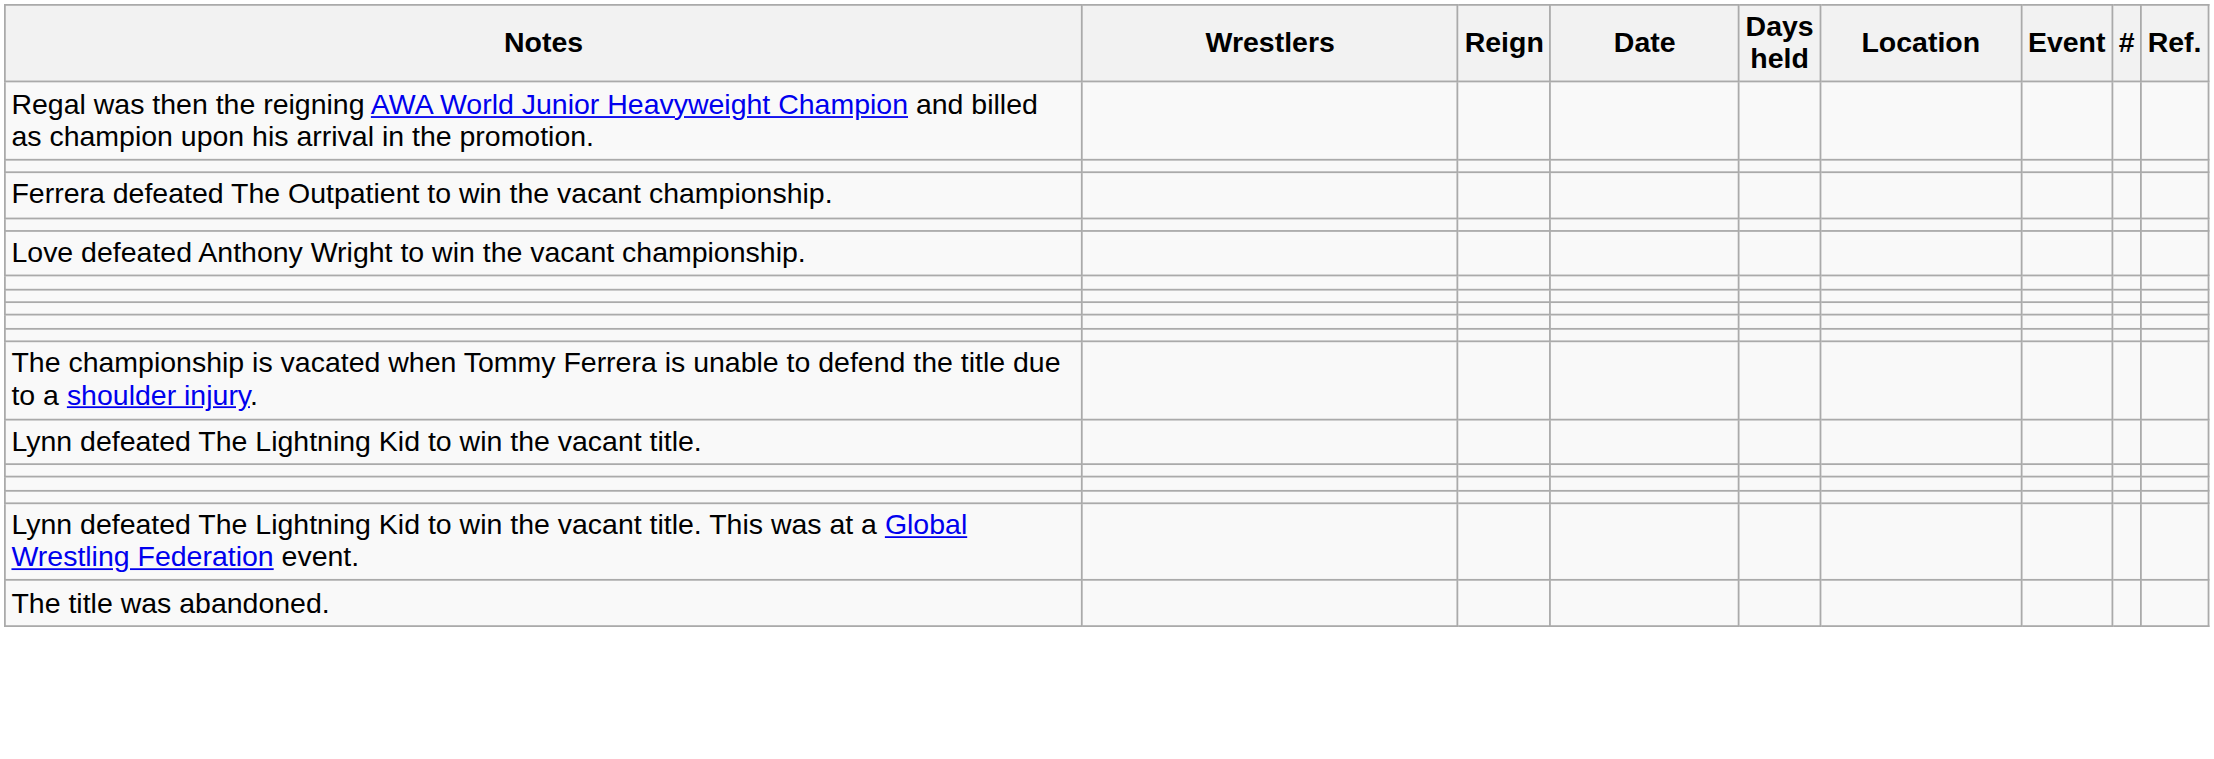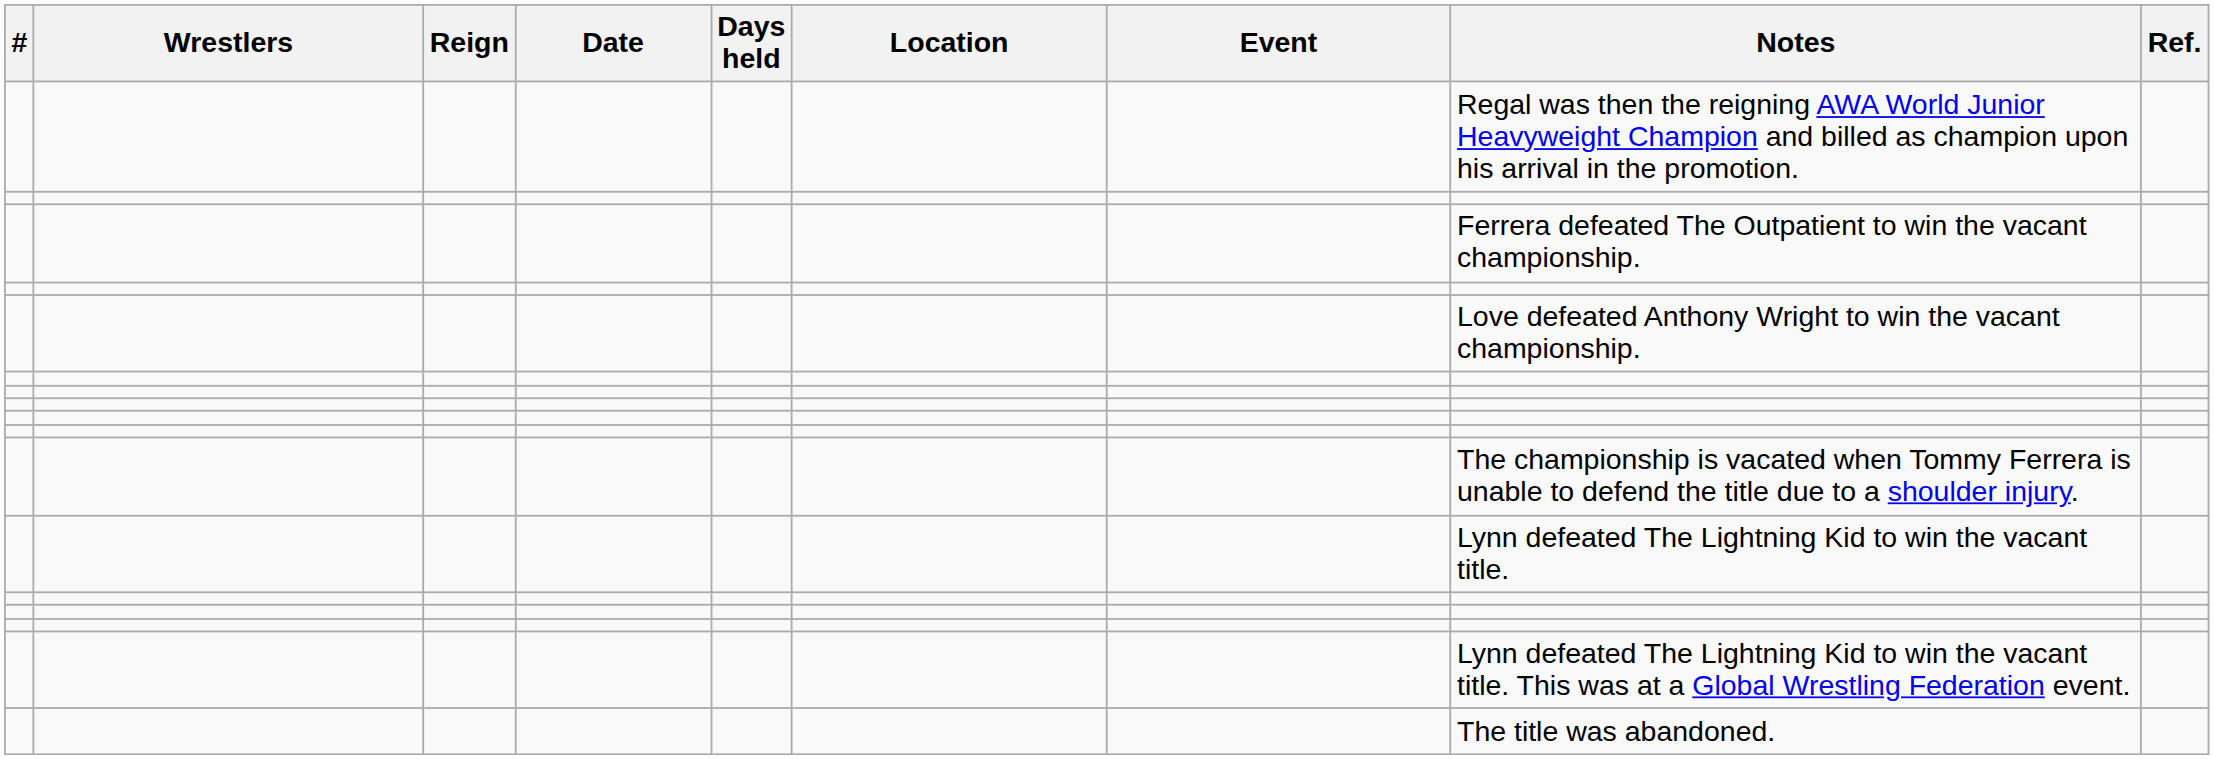 <table class="wikitable sortable" width=98% style="text-align:center;">
 <tr>
-<th width=60% class="unsortable">Notes</th>
+<th width=0%>#</th>
 <th width=20%>Wrestlers</th>
 <th width=0%>Reign</th>
 <th width=10%>Date</th>
 <th width=0%>Days<br>held</th>
 <th width=16%>Location</th>
 <th width=18%>Event</th>
-<th width=0%>#</th>
+<th width=60% class="unsortable">Notes</th>
 <th width=0% class="unsortable">Ref.</th>
 </tr>
 <tr>
+<td></td>
+<td></td>
+<td></td>
+<td></td>
+<td></td>
+<td></td>
+<td></td>
 <td align="left">Regal was then the reigning <a href='#'>AWA World Junior Heavyweight Champion</a> and billed as champion upon his arrival in the promotion.</td>
+<td align="left"></td>
+</tr>
+<tr>
 <td></td>
 <td></td>
 <td></td>
 <td></td>
 <td></td>
 <td></td>
 <td></td>
 <td align="left"></td>
+<td align="left"></td>
 </tr>
 <tr>
+<td></td>
+<td></td>
+<td></td>
+<td></td>
+<td></td>
+<td></td>
+<td></td>
+<td align="left">Ferrera defeated The Outpatient to win the vacant championship.</td>
 <td align="left"></td>
+</tr>
+<tr>
 <td></td>
 <td></td>
 <td></td>
 <td></td>
 <td></td>
 <td></td>
 <td></td>
 <td align="left"></td>
+<td align="left"></td>
 </tr>
 <tr>
-<td align="left">Ferrera defeated The Outpatient to win the vacant championship.</td>
+<td></td>
+<td></td>
+<td></td>
+<td></td>
+<td></td>
+<td></td>
+<td></td>
+<td align="left">Love defeated Anthony Wright to win the vacant championship.</td>
+<td align="left"></td>
+</tr>
+<tr>
 <td></td>
 <td></td>
 <td></td>
 <td></td>
 <td></td>
 <td></td>
 <td></td>
 <td align="left"></td>
+<td align="left"></td>
 </tr>
 <tr>
-<td align="left"></td>
 <td></td>
 <td></td>
 <td></td>
 <td></td>
 <td></td>
 <td></td>
 <td></td>
 <td align="left"></td>
+<td align="left"></td>
 </tr>
 <tr>
-<td align="left">Love defeated Anthony Wright to win the vacant championship.</td>
 <td></td>
 <td></td>
 <td></td>
 <td></td>
 <td></td>
 <td></td>
 <td></td>
 <td align="left"></td>
+<td align="left"></td>
 </tr>
 <tr>
-<td align="left"></td>
 <td></td>
 <td></td>
 <td></td>
 <td></td>
 <td></td>
 <td></td>
 <td></td>
 <td align="left"></td>
+<td align="left"></td>
 </tr>
 <tr>
-<td align="left"></td>
 <td></td>
 <td></td>
 <td></td>
 <td></td>
 <td></td>
 <td></td>
 <td></td>
 <td align="left"></td>
+<td align="left"></td>
 </tr>
 <tr>
+<td></td>
+<td></td>
+<td></td>
+<td></td>
+<td></td>
+<td></td>
+<td></td>
+<td align="left">The championship is vacated when Tommy Ferrera is unable to defend the title due to a <a href='#'>shoulder injury</a>.</td>
 <td align="left"></td>
+</tr>
+<tr>
+<td></td>
+<td></td>
+<td></td>
+<td></td>
+<td></td>
+<td></td>
+<td></td>
+<td align="left">Lynn defeated The Lightning Kid to win the vacant title.</td>
+<td align="left"></td>
+</tr>
+<tr>
 <td></td>
 <td></td>
 <td></td>
 <td></td>
 <td></td>
 <td></td>
 <td></td>
 <td align="left"></td>
+<td align="left"></td>
 </tr>
 <tr>
-<td align="left"></td>
 <td></td>
 <td></td>
 <td></td>
 <td></td>
 <td></td>
 <td></td>
 <td></td>
 <td align="left"></td>
+<td align="left"></td>
 </tr>
 <tr>
-<td align="left"></td>
 <td></td>
 <td></td>
 <td></td>
 <td></td>
 <td></td>
 <td></td>
 <td></td>
 <td align="left"></td>
+<td align="left"></td>
 </tr>
 <tr>
-<td align="left">The championship is vacated when Tommy Ferrera is unable to defend the title due to a <a href='#'>shoulder injury</a>.</td>
 <td></td>
 <td></td>
 <td></td>
 <td></td>
 <td></td>
 <td></td>
 <td></td>
+<td align="left">Lynn defeated The Lightning Kid to win the vacant title. This was at a <a href='#'>Global Wrestling Federation</a> event.</td>
 <td align="left"></td>
 </tr>
 <tr>
-<td align="left">Lynn defeated The Lightning Kid to win the vacant title.</td>
 <td></td>
 <td></td>
 <td></td>
 <td></td>
 <td></td>
 <td></td>
 <td></td>
-<td align="left"></td>
-</tr>
-<tr>
-<td align="left"></td>
-<td></td>
-<td></td>
-<td></td>
-<td></td>
-<td></td>
-<td></td>
-<td></td>
-<td align="left"></td>
-</tr>
-<tr>
-<td align="left"></td>
-<td></td>
-<td></td>
-<td></td>
-<td></td>
-<td></td>
-<td></td>
-<td></td>
-<td align="left"></td>
-</tr>
-<tr>
-<td align="left"></td>
-<td></td>
-<td></td>
-<td></td>
-<td></td>
-<td></td>
-<td></td>
-<td></td>
-<td align="left"></td>
-</tr>
-<tr>
-<td align="left">Lynn defeated The Lightning Kid to win the vacant title. This was at a <a href='#'>Global Wrestling Federation</a> event.</td>
-<td></td>
-<td></td>
-<td></td>
-<td></td>
-<td></td>
-<td></td>
-<td></td>
-<td align="left"></td>
-</tr>
-<tr>
 <td align="left">The title was abandoned.</td>
-<td></td>
-<td></td>
-<td></td>
-<td></td>
-<td></td>
-<td></td>
-<td></td>
 <td align="left"></td>
 </tr>
 </table>
